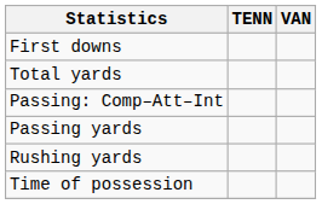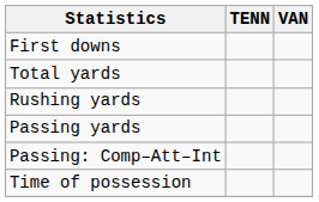 <table class="wikitable" style="float: left;">
 <tr>
 <th>Statistics</th>
 <th>TENN</th>
 <th>VAN</th>
 </tr>
 <tr>
 <td>First downs</td>
 <td></td>
 <td></td>
 </tr>
 <tr>
 <td>Total yards</td>
 <td></td>
 <td></td>
 </tr>
 <tr>
-<td>Passing: Comp–Att–Int</td>
+<td>Rushing yards</td>
 <td></td>
 <td></td>
 </tr>
 <tr>
 <td>Passing yards</td>
 <td></td>
 <td></td>
 </tr>
 <tr>
-<td>Rushing yards</td>
+<td>Passing: Comp–Att–Int</td>
 <td></td>
 <td></td>
 </tr>
 <tr>
 <td>Time of possession</td>
 <td></td>
 <td></td>
 </tr>
 <tr>
 </tr>
 </table>
